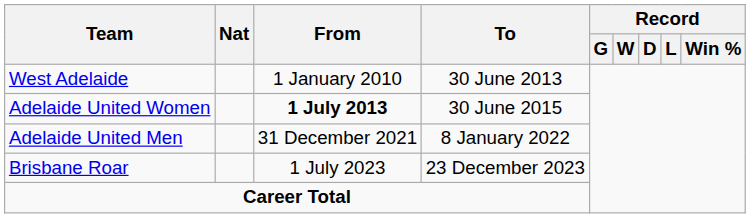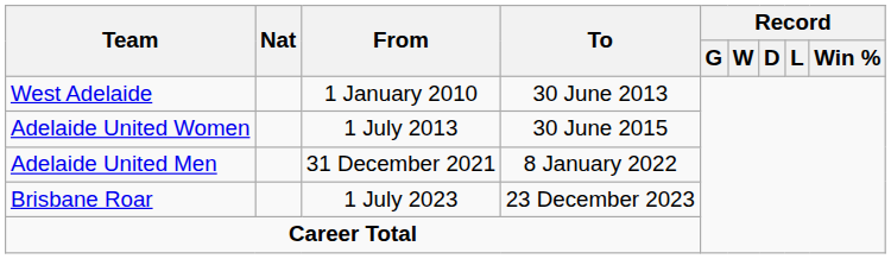 <table class="wikitable" style="text-align: center">
 <tr>
 <th rowspan="2">Team</th>
 <th rowspan="2">Nat</th>
 <th rowspan="2">From</th>
 <th rowspan="2">To</th>
 <th colspan="6">Record</th>
 </tr>
 <tr>
 <th>G</th>
 <th>W</th>
 <th>D</th>
 <th>L</th>
 <th>Win %</th>
 </tr>
 <tr>
 <td align="left"><a href='#'>West Adelaide</a></td>
 <td></td>
 <td>1 January 2010</td>
 <td>30 June 2013<br></td>
 </tr>
 <tr>
 <td align="left"><a href='#'>Adelaide United Women</a></td>
 <td></td>
-<td><strong>1 July 2013</strong></td>
+<td>1 July 2013</td>
 <td>30 June 2015<br></td>
 </tr>
 <tr>
 <td align="left"><a href='#'>Adelaide United Men</a></td>
 <td></td>
 <td>31 December 2021</td>
 <td>8 January 2022<br></td>
 </tr>
 <tr>
 <td align="left"><a href='#'>Brisbane Roar</a></td>
 <td></td>
 <td>1 July 2023</td>
 <td>23 December 2023<br></td>
 </tr>
 <tr>
 <td colspan=4><strong>Career Total</strong><br></td>
 </tr>
 </table>
